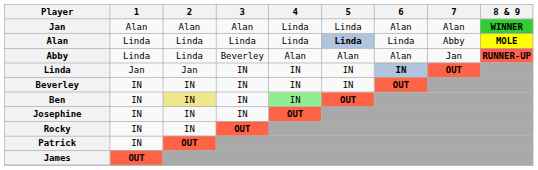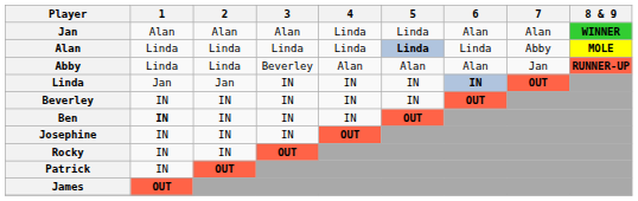 <table class="wikitable" style="text-align:center">
 <tr>
 <th>Player</th>
 <th style="width:10%;">1</th>
 <th style="width:10%;">2</th>
 <th style="width:10%;">3</th>
 <th style="width:10%;">4</th>
 <th style="width:10%;">5</th>
 <th style="width:10%;">6</th>
 <th style="width:10%;">7</th>
 <th style="width:10%;">8 & 9</th>
 </tr>
 <tr>
 <th>Jan</th>
 <td>Alan</td>
 <td>Alan</td>
 <td>Alan</td>
 <td>Linda</td>
 <td>Linda</td>
 <td>Alan</td>
 <td>Alan</td>
 <td style="background:limegreen;"><strong>WINNER</strong></td>
 </tr>
 <tr>
 <th>Alan</th>
 <td>Linda</td>
 <td>Linda</td>
 <td>Linda</td>
 <td>Linda</td>
 <td style="background:lightsteelblue;"><strong>Linda</strong></td>
 <td>Linda</td>
 <td>Abby</td>
 <td style="background:yellow;"><strong>MOLE</strong></td>
 </tr>
 <tr>
 <th>Abby</th>
 <td>Linda</td>
 <td>Linda</td>
 <td>Beverley</td>
 <td>Alan</td>
 <td>Alan</td>
 <td>Alan</td>
 <td>Jan</td>
 <td style="background:tomato;"><strong>RUNNER-UP</strong></td>
 </tr>
 <tr>
 <th>Linda</th>
 <td>Jan</td>
 <td>Jan</td>
 <td>IN</td>
 <td>IN</td>
 <td>IN</td>
 <td style="background:lightsteelblue;"><strong>IN</strong></td>
 <td style="background:tomato;"><strong>OUT</strong></td>
 <td colspan=2 bgcolor="darkgray"></td>
 </tr>
 <tr>
 <th>Beverley</th>
 <td>IN</td>
 <td>IN</td>
 <td>IN</td>
 <td>IN</td>
 <td>IN</td>
 <td style="background:tomato;"><strong>OUT</strong></td>
 <td colspan=3 bgcolor="darkgray"></td>
 </tr>
 <tr>
 <th>Ben</th>
+<td><strong>IN</strong></td>
 <td>IN</td>
-<td style="background: khaki;">IN</td>
 <td>IN</td>
-<td style="background: lightgreen;">IN</td>
+<td>IN</td>
 <td style="background:tomato;"><strong>OUT</strong></td>
 <td colspan=4 bgcolor="darkgray"></td>
 </tr>
 <tr>
 <th>Josephine</th>
 <td>IN</td>
 <td>IN</td>
 <td>IN</td>
 <td style="background:tomato;"><strong>OUT</strong></td>
 <td colspan=5 bgcolor="darkgray"></td>
 </tr>
 <tr>
 <th>Rocky</th>
 <td>IN</td>
 <td>IN</td>
 <td style="background:tomato;"><strong>OUT</strong></td>
 <td colspan=6 bgcolor="darkgray"></td>
 </tr>
 <tr>
 <th>Patrick</th>
 <td>IN</td>
 <td style="background:tomato;"><strong>OUT</strong></td>
 <td colspan=7 bgcolor="darkgray"></td>
 </tr>
 <tr>
 <th>James</th>
 <td style="background:tomato;"><strong>OUT</strong></td>
 <td colspan=8 bgcolor="darkgray"></td>
 </tr>
 <tr>
 </tr>
 </table>
